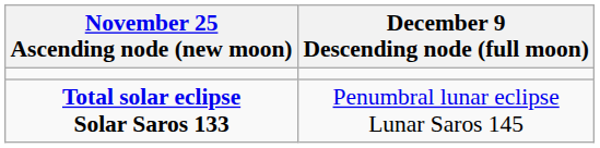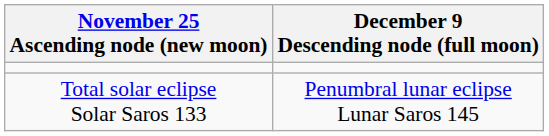 <table class="wikitable">
 <tr>
 <th><a href='#'>November 25</a><br>Ascending node (new moon)<br></th>
 <th>December 9<br>Descending node (full moon)<br></th>
 </tr>
 <tr>
 <td></td>
 <td></td>
 </tr>
 <tr align=center>
-<td><strong><a href='#'>Total solar eclipse</a><br>Solar Saros 133</strong></td>
+<td><a href='#'>Total solar eclipse</a><br>Solar Saros 133</td>
 <td><a href='#'>Penumbral lunar eclipse</a><br>Lunar Saros 145</td>
 </tr>
 </table>
